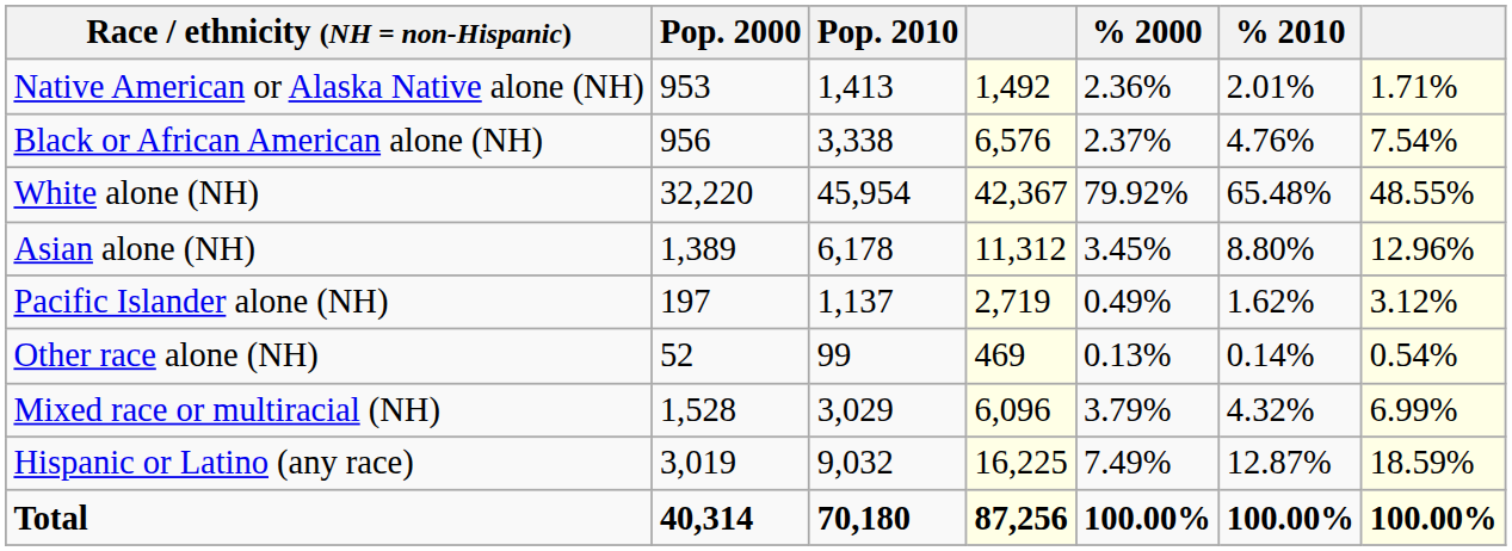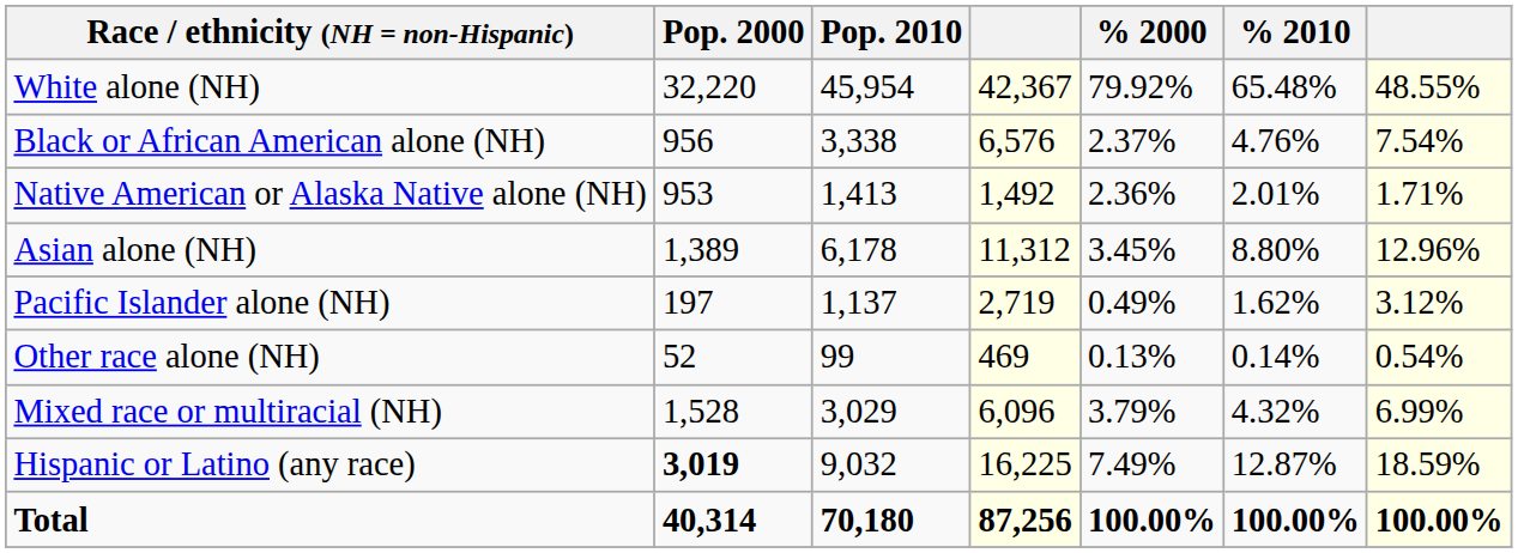 <table class="wikitable">
 <tr>
 <th>Race / ethnicity <small>(<em>NH = non-Hispanic</em>)</small></th>
 <th>Pop. 2000</th>
 <th>Pop. 2010</th>
 <th></th>
 <th>% 2000</th>
 <th>% 2010</th>
 <th></th>
 </tr>
 <tr>
-<td><a href='#'>Native American</a> or <a href='#'>Alaska Native</a> alone (NH)</td>
-<td>953</td>
-<td>1,413</td>
-<td style='background: #ffffe6;'>1,492</td>
-<td>2.36%</td>
-<td>2.01%</td>
-<td style='background: #ffffe6;'>1.71%</td>
+<td><a href='#'>White</a> alone (NH)</td>
+<td>32,220</td>
+<td>45,954</td>
+<td style='background: #ffffe6;'>42,367</td>
+<td>79.92%</td>
+<td>65.48%</td>
+<td style='background: #ffffe6;'>48.55%</td>
 </tr>
 <tr>
 <td><a href='#'>Black or African American</a> alone (NH)</td>
 <td>956</td>
 <td>3,338</td>
 <td style='background: #ffffe6;'>6,576</td>
 <td>2.37%</td>
 <td>4.76%</td>
 <td style='background: #ffffe6;'>7.54%</td>
 </tr>
 <tr>
-<td><a href='#'>White</a> alone (NH)</td>
-<td>32,220</td>
-<td>45,954</td>
-<td style='background: #ffffe6;'>42,367</td>
-<td>79.92%</td>
-<td>65.48%</td>
-<td style='background: #ffffe6;'>48.55%</td>
+<td><a href='#'>Native American</a> or <a href='#'>Alaska Native</a> alone (NH)</td>
+<td>953</td>
+<td>1,413</td>
+<td style='background: #ffffe6;'>1,492</td>
+<td>2.36%</td>
+<td>2.01%</td>
+<td style='background: #ffffe6;'>1.71%</td>
 </tr>
 <tr>
 <td><a href='#'>Asian</a> alone (NH)</td>
 <td>1,389</td>
 <td>6,178</td>
 <td style='background: #ffffe6;'>11,312</td>
 <td>3.45%</td>
 <td>8.80%</td>
 <td style='background: #ffffe6;'>12.96%</td>
 </tr>
 <tr>
 <td><a href='#'>Pacific Islander</a> alone (NH)</td>
 <td>197</td>
 <td>1,137</td>
 <td style='background: #ffffe6;'>2,719</td>
 <td>0.49%</td>
 <td>1.62%</td>
 <td style='background: #ffffe6;'>3.12%</td>
 </tr>
 <tr>
 <td><a href='#'>Other race</a> alone (NH)</td>
 <td>52</td>
 <td>99</td>
 <td style='background: #ffffe6;'>469</td>
 <td>0.13%</td>
 <td>0.14%</td>
 <td style='background: #ffffe6;'>0.54%</td>
 </tr>
 <tr>
 <td><a href='#'>Mixed race or multiracial</a> (NH)</td>
 <td>1,528</td>
 <td>3,029</td>
 <td style='background: #ffffe6;'>6,096</td>
 <td>3.79%</td>
 <td>4.32%</td>
 <td style='background: #ffffe6;'>6.99%</td>
 </tr>
 <tr>
 <td><a href='#'>Hispanic or Latino</a> (any race)</td>
-<td>3,019</td>
+<td><strong>3,019</strong></td>
 <td>9,032</td>
 <td style='background: #ffffe6;'>16,225</td>
 <td>7.49%</td>
 <td>12.87%</td>
 <td style='background: #ffffe6;'>18.59%</td>
 </tr>
 <tr>
 <td><strong>Total</strong></td>
 <td><strong>40,314</strong></td>
 <td><strong>70,180</strong></td>
 <td style='background: #ffffe6;'><strong>87,256</strong></td>
 <td><strong>100.00%</strong></td>
 <td><strong>100.00%</strong></td>
 <td style='background: #ffffe6;'><strong>100.00%</strong></td>
 </tr>
 </table>
